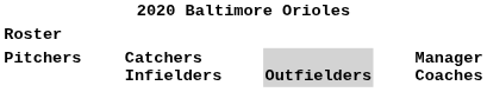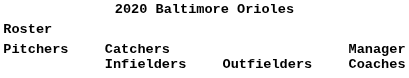 <table class="toccolours" style="font-size: 95%;">
 <tr>
 <th colspan="10">2020 Baltimore Orioles</th>
 </tr>
 <tr>
 <td colspan="10"><strong>Roster</strong></td>
 </tr>
 <tr>
 <td valign="top"><strong>Pitchers</strong><br>                         </td>
 <td style="width:25px;"></td>
 <td valign="top"><strong>Catchers</strong><br>   <strong>Infielders</strong>         </td>
 <td style="width:25px;"></td>
-<td valign="top" style="background: lightgrey;"><br><strong>Outfielders</strong>       </td>
+<td valign="top"><br><strong>Outfielders</strong>       </td>
 <td style="width:25px;"></td>
 <td valign="top"><strong>Manager</strong><br> <strong>Coaches</strong>                </td>
 </tr>
 </table>
